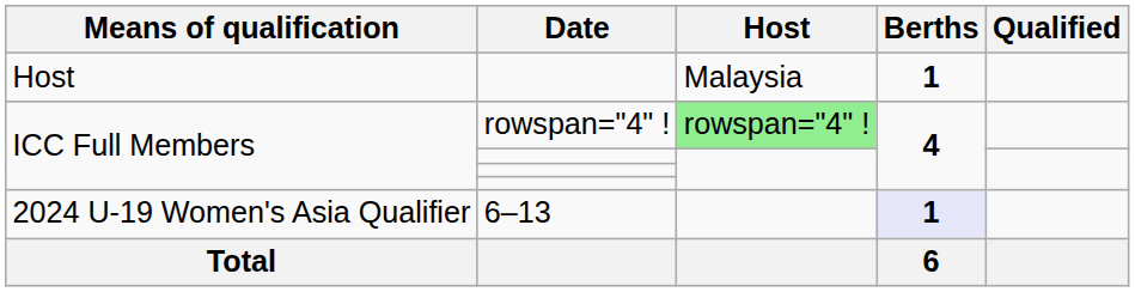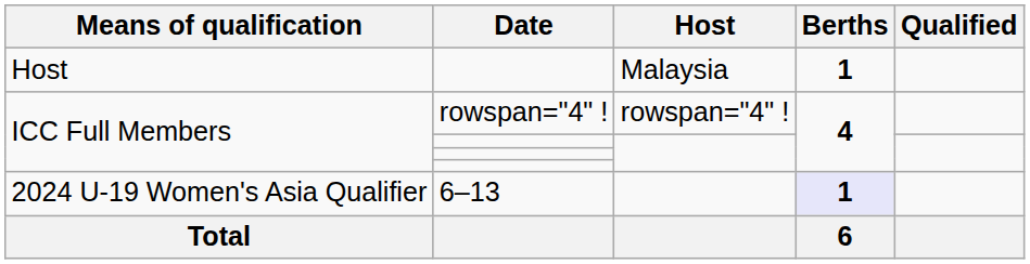 <table class="wikitable sortable">
 <tr>
 <th>Means of qualification</th>
 <th>Date</th>
 <th>Host</th>
 <th>Berths</th>
 <th>Qualified</th>
 </tr>
 <tr>
 <td>Host</td>
 <td></td>
 <td>Malaysia </td>
 <td style="text-align:center;"><strong>1</strong></td>
 <td></td>
 </tr>
 <tr>
 <td rowspan="4">ICC Full Members</td>
 <td>rowspan="4" ! </td>
-<td style="background: lightgreen;">rowspan="4" ! </td>
+<td>rowspan="4" ! </td>
 <td rowspan="4" style="text-align:center;"><strong>4</strong></td>
 <td></td>
 </tr>
 <tr>
 <td></td>
 </tr>
 <tr>
 <td></td>
 </tr>
 <tr>
 <td></td>
 </tr>
 <tr>
 <td>2024 U-19 Women's Asia Qualifier</td>
 <td>6–13 </td>
 <td></td>
 <td style="background: lavender; text-align:center;"><strong>1</strong></td>
 <td></td>
 </tr>
 <tr>
 <th>Total</th>
 <th></th>
 <th></th>
 <th>6</th>
 <th></th>
 </tr>
 </table>
